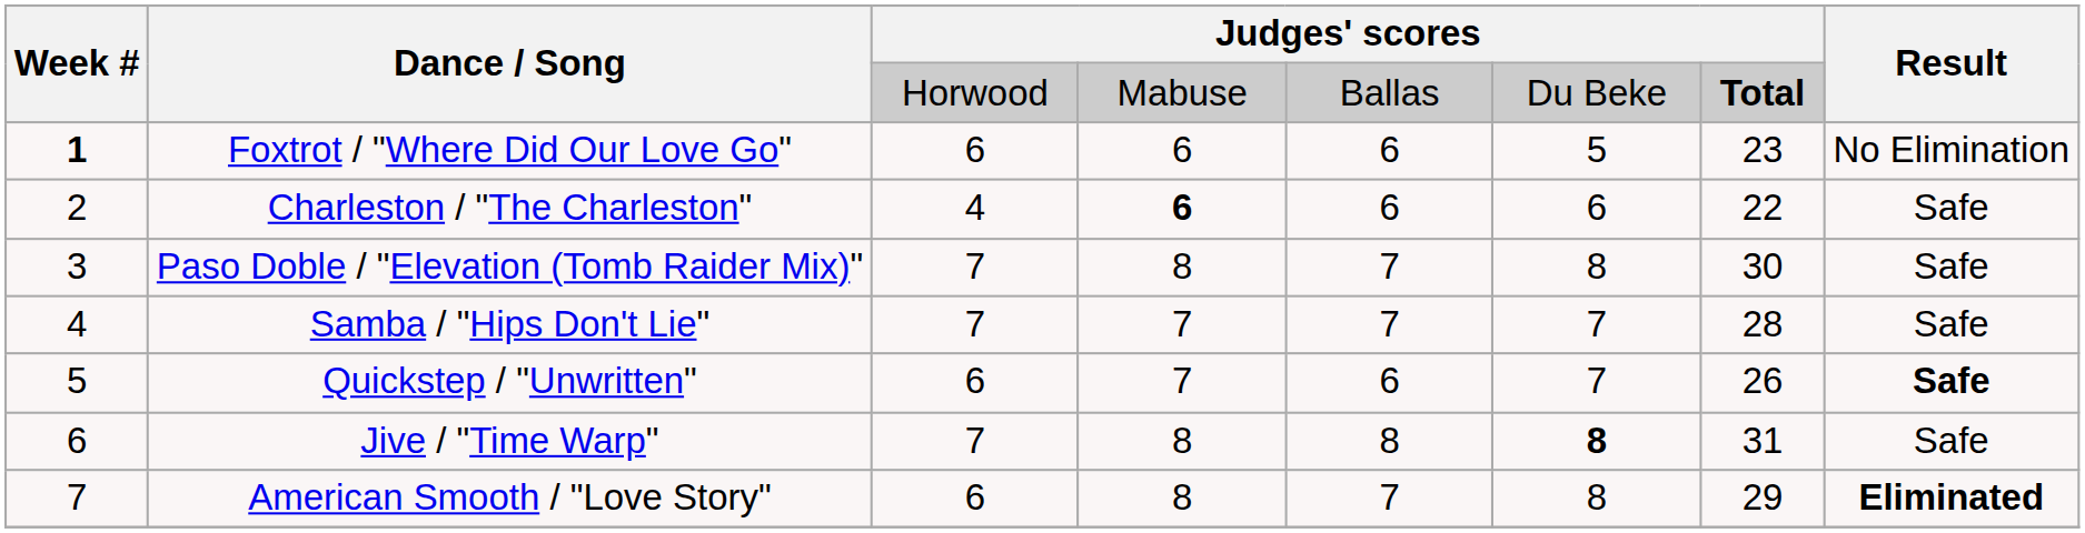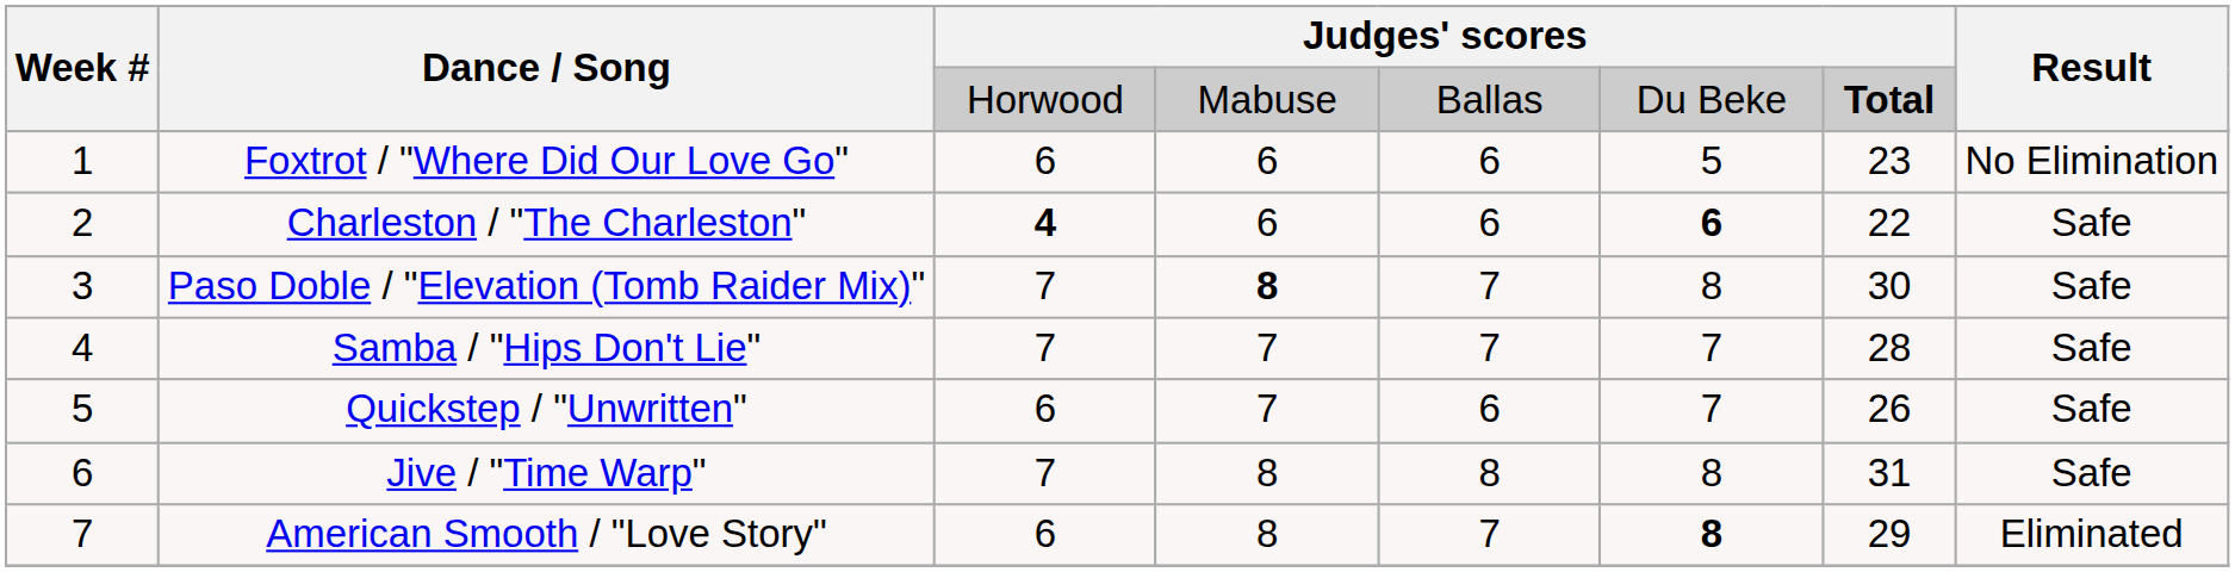 <table class="wikitable collapsible collapsed">
 <tr>
 <th rowspan="2">Week #</th>
 <th rowspan="2">Dance / Song</th>
 <th colspan="5">Judges' scores</th>
 <th rowspan="2">Result</th>
 </tr>
 <tr style="text-align:center; background:#ccc;">
 <td style="width:10%;">Horwood</td>
 <td style="width:10%;">Mabuse</td>
 <td style="width:10%;">Ballas</td>
 <td style="width:10%;">Du Beke</td>
 <td style="width:6%;"><strong>Total</strong></td>
 </tr>
 <tr style="text-align: center; background:#faf6f6;">
-<td><strong>1</strong></td>
+<td>1</td>
 <td><a href='#'>Foxtrot</a> / "<a href='#'>Where Did Our Love Go</a>"</td>
 <td>6</td>
 <td>6</td>
 <td>6</td>
 <td>5</td>
 <td>23</td>
 <td>No Elimination</td>
 </tr>
 <tr style="text-align: center; background:#faf6f6;">
 <td>2</td>
 <td><a href='#'>Charleston</a> / "<a href='#'>The Charleston</a>"</td>
-<td>4</td>
-<td><strong>6</strong></td>
+<td><strong>4</strong></td>
 <td>6</td>
 <td>6</td>
+<td><strong>6</strong></td>
 <td>22</td>
 <td>Safe</td>
 </tr>
 <tr style="text-align: center; background:#faf6f6;">
 <td>3</td>
 <td><a href='#'>Paso Doble</a> / "<a href='#'>Elevation (Tomb Raider Mix)</a>"</td>
 <td>7</td>
-<td>8</td>
+<td><strong>8</strong></td>
 <td>7</td>
 <td>8</td>
 <td>30</td>
 <td>Safe</td>
 </tr>
 <tr style="text-align: center; background:#faf6f6;">
 <td>4</td>
 <td><a href='#'>Samba</a> / "<a href='#'>Hips Don't Lie</a>"</td>
 <td>7</td>
 <td>7</td>
 <td>7</td>
 <td>7</td>
 <td>28</td>
 <td>Safe</td>
 </tr>
 <tr style="text-align: center; background:#faf6f6;">
 <td>5</td>
 <td><a href='#'>Quickstep</a> / "<a href='#'>Unwritten</a>"</td>
 <td>6</td>
 <td>7</td>
 <td>6</td>
 <td>7</td>
 <td>26</td>
-<td><strong>Safe</strong></td>
+<td>Safe</td>
 </tr>
 <tr style="text-align: center; background:#faf6f6;">
 <td>6</td>
 <td><a href='#'>Jive</a> / "<a href='#'>Time Warp</a>"</td>
 <td>7</td>
 <td>8</td>
 <td>8</td>
-<td><strong>8</strong></td>
+<td>8</td>
 <td>31</td>
 <td>Safe</td>
 </tr>
 <tr style="text-align: center; background:#faf6f6;">
 <td>7</td>
 <td><a href='#'>American Smooth</a> / "Love Story"</td>
 <td>6</td>
 <td>8</td>
 <td>7</td>
-<td>8</td>
+<td><strong>8</strong></td>
 <td>29</td>
-<td><strong>Eliminated</strong></td>
+<td>Eliminated</td>
 </tr>
 <tr>
 </tr>
 </table>
